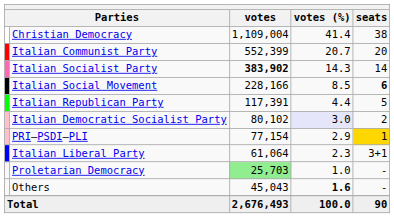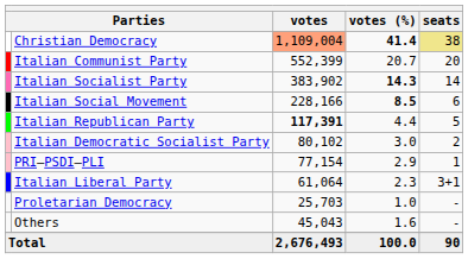 <table class="wikitable" style="font-size:95%">
 <tr>
 <th colspan=5></th>
 </tr>
 <tr bgcolor="EFEFEF"|->
 <th Colspan=2>Parties</th>
 <th>votes</th>
 <th>votes (%)</th>
 <th>seats</th>
 </tr>
 <tr>
 <td bgcolor=White></td>
 <td><a href='#'>Christian Democracy</a></td>
-<td align=right>1,109,004</td>
-<td align=right>41.4</td>
-<td align=right>38</td>
+<td align=right style="background: lightsalmon;">1,109,004</td>
+<td align=right><strong>41.4</strong></td>
+<td align=right style="background: khaki;">38</td>
 </tr>
 <tr>
 <td bgcolor=Red></td>
 <td><a href='#'>Italian Communist Party</a></td>
 <td align=right>552,399</td>
 <td align=right>20.7</td>
 <td align=right>20</td>
 </tr>
 <tr>
 <td bgcolor=Hotpink></td>
 <td><a href='#'>Italian Socialist Party</a></td>
-<td align=right><strong>383,902</strong></td>
-<td align=right>14.3</td>
+<td align=right>383,902</td>
+<td align=right><strong>14.3</strong></td>
 <td align=right>14</td>
 </tr>
 <tr>
 <td bgcolor=Black></td>
 <td><a href='#'>Italian Social Movement</a></td>
 <td align=right>228,166</td>
-<td align=right>8.5</td>
-<td align=right><strong>6</strong></td>
+<td align=right><strong>8.5</strong></td>
+<td align=right>6</td>
 </tr>
 <tr>
 <td bgcolor=Lime></td>
 <td><a href='#'>Italian Republican Party</a></td>
-<td align=right>117,391</td>
+<td align=right><strong>117,391</strong></td>
 <td align=right>4.4</td>
 <td align=right>5</td>
 </tr>
 <tr>
 <td bgcolor=Pink></td>
 <td><a href='#'>Italian Democratic Socialist Party</a></td>
 <td align=right>80,102</td>
-<td align=right style="background: lavender;">3.0</td>
+<td align=right>3.0</td>
 <td align=right>2</td>
 </tr>
 <tr>
 <td bgcolor=Pink></td>
 <td><a href='#'>PRI</a>–<a href='#'>PSDI</a>–<a href='#'>PLI</a></td>
 <td align=right>77,154</td>
 <td align=right>2.9</td>
-<td align=right style="background: gold;">1</td>
+<td align=right>1</td>
 </tr>
 <tr>
 <td bgcolor=Blue></td>
 <td><a href='#'>Italian Liberal Party</a></td>
 <td align=right>61,064</td>
 <td align=right>2.3</td>
 <td align=right>3+1</td>
 </tr>
 <tr>
 <td bgcolor=></td>
 <td><a href='#'>Proletarian Democracy</a></td>
-<td align=right style="background: lightgreen;">25,703</td>
+<td align=right>25,703</td>
 <td align=right>1.0</td>
 <td align=right>-</td>
 </tr>
 <tr>
 <td bgcolor=></td>
 <td>Others</td>
 <td align=right>45,043</td>
-<td align=right><strong>1.6</strong></td>
+<td align=right>1.6</td>
 <td align=right>-</td>
 </tr>
 <tr>
 </tr>
 <tr bgcolor="EFEFEF">
 <td colspan=2><strong>Total</strong></td>
 <td align=right><strong>2,676,493</strong></td>
 <td align=right><strong>100.0</strong></td>
 <td align=right><strong>90</strong></td>
 </tr>
 </table>
